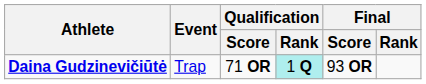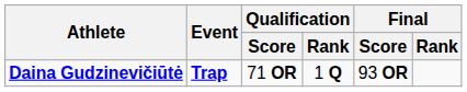 <table class="wikitable" style="font-size:90%">
 <tr>
 <th rowspan="2">Athlete</th>
 <th rowspan="2">Event</th>
 <th colspan="2">Qualification</th>
 <th colspan="2">Final</th>
 </tr>
 <tr>
 <th>Score</th>
 <th>Rank</th>
 <th>Score</th>
 <th>Rank</th>
 </tr>
 <tr>
 <td><strong><a href='#'>Daina Gudzinevičiūtė</a></strong></td>
-<td><a href='#'>Trap</a></td>
+<td><strong><a href='#'>Trap</a></strong></td>
 <td align="center">71 <strong>OR</strong></td>
-<td align="center" style="background: paleturquoise;">1 <strong>Q</strong></td>
+<td align="center">1 <strong>Q</strong></td>
 <td align="center">93 <strong>OR</strong></td>
 <td align="center"></td>
 </tr>
 </table>
